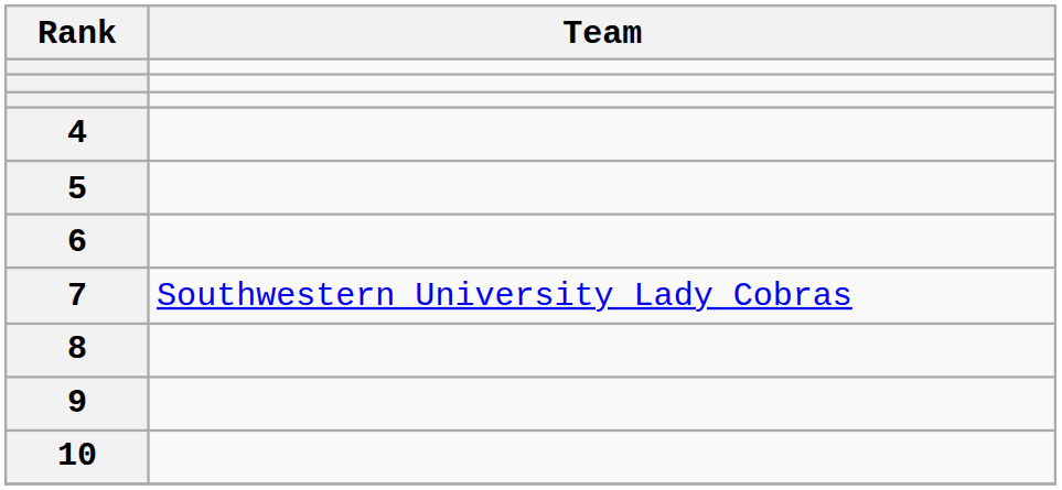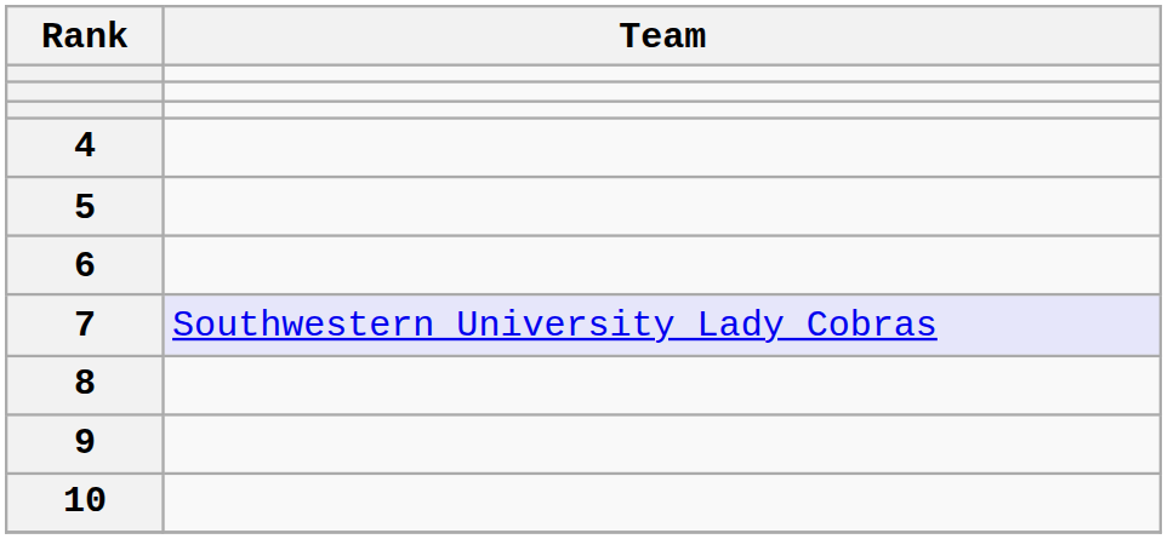 <table class="wikitable" style="text-align: center;">
 <tr>
 <th width=50>Rank</th>
 <th width=350>Team</th>
 </tr>
 <tr>
 <th></th>
 <td style="text-align:left;"></td>
 </tr>
 <tr>
 <th></th>
 <td style="text-align:left;"></td>
 </tr>
 <tr>
 <th></th>
 <td style="text-align:left;"></td>
 </tr>
 <tr>
 <th>4</th>
 <td style="text-align:left;"></td>
 </tr>
 <tr>
 <th>5</th>
 <td style="text-align:left;"></td>
 </tr>
 <tr>
 <th>6</th>
 <td style="text-align:left;"></td>
 </tr>
 <tr>
 <th>7</th>
-<td style="text-align:left;"> <a href='#'>Southwestern University Lady Cobras</a></td>
+<td style="background: lavender; text-align:left;"> <a href='#'>Southwestern University Lady Cobras</a></td>
 </tr>
 <tr>
 <th>8</th>
 <td style="text-align:left;"></td>
 </tr>
 <tr>
 <th>9</th>
 <td style="text-align:left;"></td>
 </tr>
 <tr>
 <th>10</th>
 <td style="text-align:left;"></td>
 </tr>
 <tr>
 </tr>
 </table>
